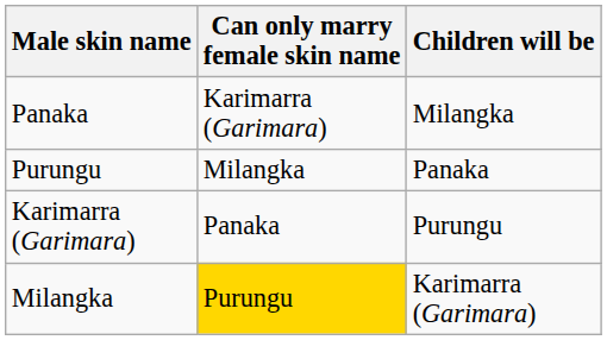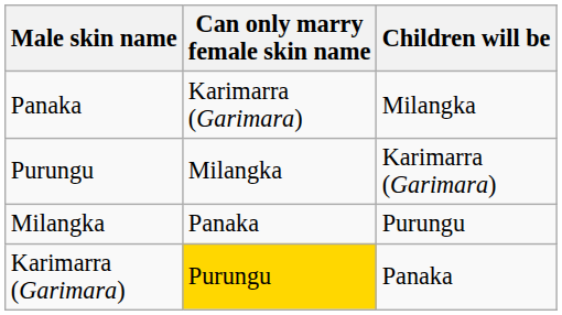 <table class="wikitable">
 <tr bgcolor=#efefef>
 <th>Male skin name</th>
 <th>Can only marry<br> female skin name</th>
 <th>Children will be</th>
 </tr>
 <tr>
 <td>Panaka</td>
 <td>Karimarra<br> (<em>Garimara</em>)</td>
 <td>Milangka</td>
 </tr>
 <tr>
 <td>Purungu</td>
 <td>Milangka</td>
-<td>Panaka</td>
+<td>Karimarra<br> (<em>Garimara</em>)</td>
 </tr>
 <tr>
-<td>Karimarra<br> (<em>Garimara</em>)</td>
+<td>Milangka</td>
 <td>Panaka</td>
 <td>Purungu</td>
 </tr>
 <tr>
-<td>Milangka</td>
+<td>Karimarra<br> (<em>Garimara</em>)</td>
 <td style="background: gold;">Purungu</td>
-<td>Karimarra<br> (<em>Garimara</em>)</td>
+<td>Panaka</td>
 </tr>
 </table>
